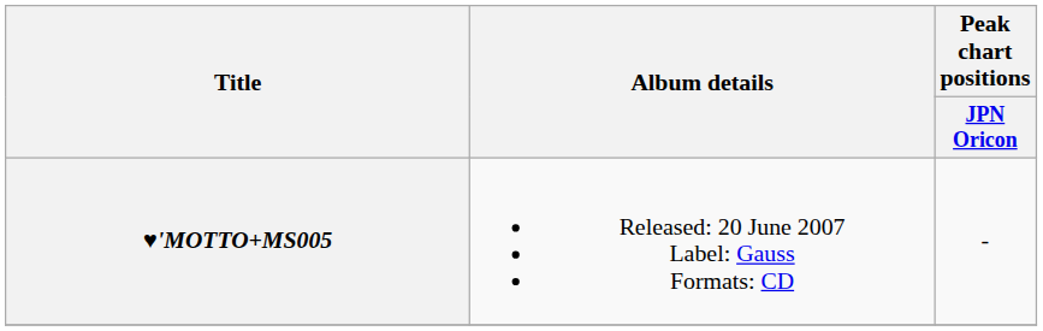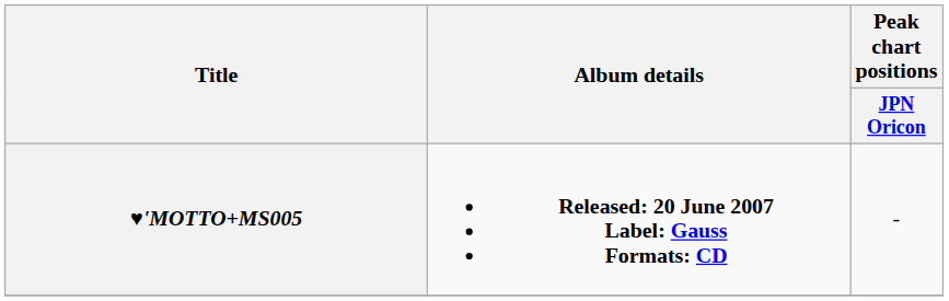 <table class="wikitable plainrowheaders" style="text-align:center;">
 <tr>
 <th scope="col" rowspan="2" style="width:19em;">Title</th>
 <th scope="col" rowspan="2" style="width:19em;">Album details</th>
 <th scope="col">Peak chart positions</th>
 </tr>
 <tr>
 <th scope="col" style="width:2.9em;font-size:90%;"><a href='#'>JPN<br>Oricon</a><br></th>
 </tr>
 <tr>
 <th scope="row"><em>♥'MOTTO+MS005</em></th>
-<td><br><ul><li>Released: 20 June 2007</li><li>Label: <a href='#'>Gauss</a></li><li>Formats: <a href='#'>CD</a></li></ul></td>
+<td><strong><br><ul><li>Released: 20 June 2007</li><li>Label: <a href='#'>Gauss</a></li><li>Formats: <a href='#'>CD</a></li></ul></strong></td>
 <td>-</td>
 </tr>
 <tr>
 </tr>
 </table>
